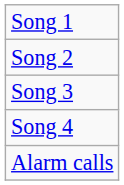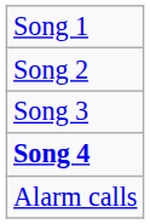 <table class="wikitable" align="right">
 <tr>
 <td> <a href='#'>Song 1</a></td>
 </tr>
 <tr>
 <td> <a href='#'>Song 2</a></td>
 </tr>
 <tr>
 <td> <a href='#'>Song 3</a></td>
 </tr>
 <tr>
-<td> <a href='#'>Song 4</a></td>
+<td><strong> <a href='#'>Song 4</a></strong></td>
 </tr>
 <tr>
 <td> <a href='#'>Alarm calls</a></td>
 </tr>
 </table>
